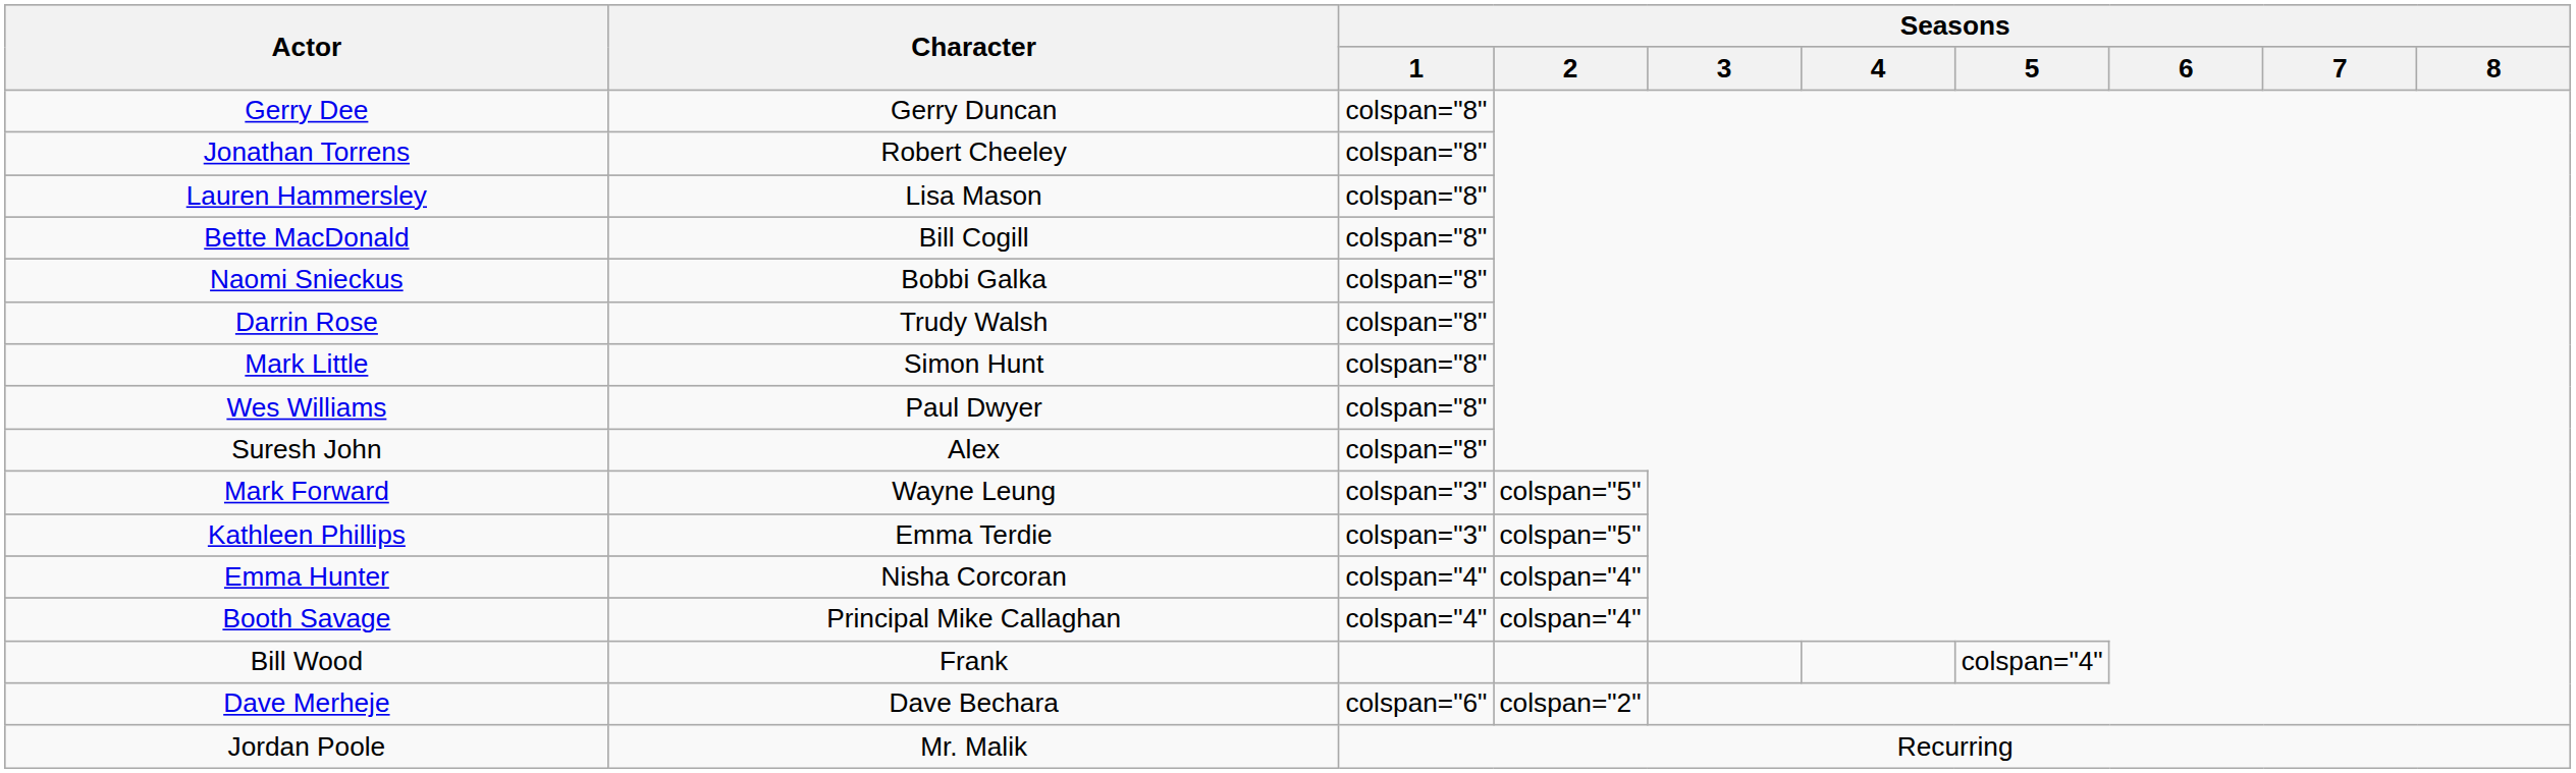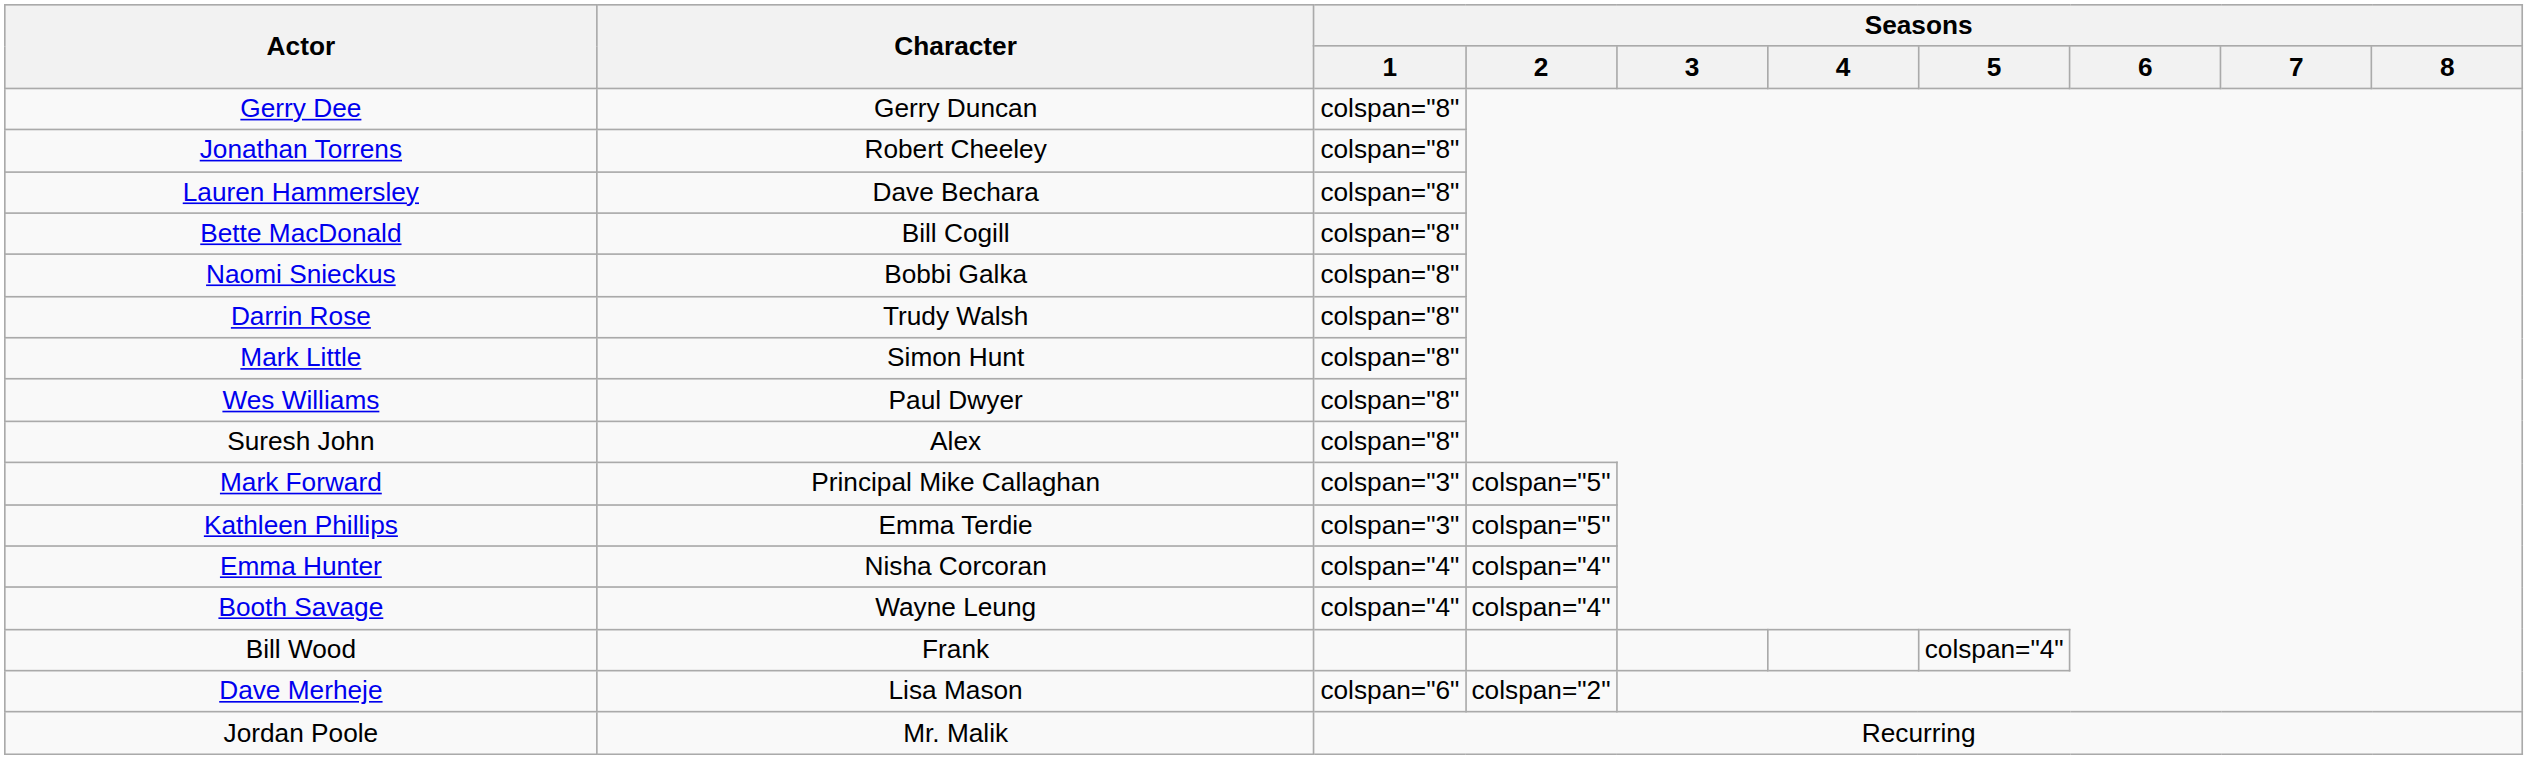 <table class="wikitable plainrowheaders" style="text-align:center; width:auto;">
 <tr>
 <th scope="col" rowspan="2">Actor</th>
 <th scope="col" rowspan="2">Character</th>
 <th colspan="8">Seasons</th>
 </tr>
 <tr>
 <th style="width:6%;">1</th>
 <th style="width:6%;">2</th>
 <th style="width:6%;">3</th>
 <th style="width:6%;">4</th>
 <th style="width:6%;">5</th>
 <th style="width:6%;">6</th>
 <th style="width:6%;">7</th>
 <th style="width:6%;">8</th>
 </tr>
 <tr>
 <td><a href='#'>Gerry Dee</a></td>
 <td>Gerry Duncan</td>
 <td>colspan="8" </td>
 </tr>
 <tr>
 <td><a href='#'>Jonathan Torrens</a></td>
 <td>Robert Cheeley</td>
 <td>colspan="8" </td>
 </tr>
 <tr>
 <td><a href='#'>Lauren Hammersley</a></td>
-<td>Lisa Mason</td>
+<td>Dave Bechara</td>
 <td>colspan="8" </td>
 </tr>
 <tr>
 <td><a href='#'>Bette MacDonald</a></td>
 <td>Bill Cogill</td>
 <td>colspan="8" </td>
 </tr>
 <tr>
 <td><a href='#'>Naomi Snieckus</a></td>
 <td>Bobbi Galka</td>
 <td>colspan="8" </td>
 </tr>
 <tr>
 <td><a href='#'>Darrin Rose</a></td>
 <td>Trudy Walsh</td>
 <td>colspan="8" </td>
 </tr>
 <tr>
 <td><a href='#'>Mark Little</a></td>
 <td>Simon Hunt</td>
 <td>colspan="8" </td>
 </tr>
 <tr>
 <td><a href='#'>Wes Williams</a></td>
 <td>Paul Dwyer</td>
 <td>colspan="8" </td>
 </tr>
 <tr>
 <td>Suresh John</td>
 <td>Alex</td>
 <td>colspan="8" </td>
 </tr>
 <tr>
 <td><a href='#'>Mark Forward</a></td>
-<td>Wayne Leung</td>
+<td>Principal Mike Callaghan</td>
 <td>colspan="3" </td>
 <td>colspan="5" </td>
 </tr>
 <tr>
 <td><a href='#'>Kathleen Phillips</a></td>
 <td>Emma Terdie</td>
 <td>colspan="3" </td>
 <td>colspan="5" </td>
 </tr>
 <tr>
 <td><a href='#'>Emma Hunter</a></td>
 <td>Nisha Corcoran</td>
 <td>colspan="4" </td>
 <td>colspan="4" </td>
 </tr>
 <tr>
 <td><a href='#'>Booth Savage</a></td>
-<td>Principal Mike Callaghan</td>
+<td>Wayne Leung</td>
 <td>colspan="4" </td>
 <td>colspan="4" </td>
 </tr>
 <tr>
 <td>Bill Wood</td>
 <td>Frank</td>
 <td></td>
 <td></td>
 <td></td>
 <td></td>
 <td>colspan="4" </td>
 </tr>
 <tr>
 <td><a href='#'>Dave Merheje</a></td>
-<td>Dave Bechara</td>
+<td>Lisa Mason</td>
 <td>colspan="6" </td>
 <td>colspan="2" </td>
 </tr>
 <tr>
 <td>Jordan Poole</td>
 <td>Mr. Malik</td>
 <td colspan="8">Recurring</td>
 </tr>
 </table>
